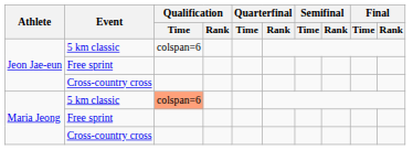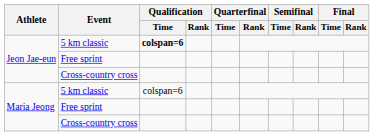 <table class="wikitable" style="font-size:90%">
 <tr>
 <th rowspan="2">Athlete</th>
 <th rowspan="2">Event</th>
 <th colspan="2">Qualification</th>
 <th colspan="2">Quarterfinal</th>
 <th colspan="2">Semifinal</th>
 <th colspan="2">Final</th>
 </tr>
 <tr style="font-size:95%">
 <th>Time</th>
 <th>Rank</th>
 <th>Time</th>
 <th>Rank</th>
 <th>Time</th>
 <th>Rank</th>
 <th>Time</th>
 <th>Rank</th>
 </tr>
 <tr align=center>
 <td align=left rowspan=3><a href='#'>Jeon Jae-eun</a></td>
 <td align=left><a href='#'>5 km classic</a></td>
-<td>colspan=6 </td>
+<td><strong>colspan=6 </strong></td>
 <td></td>
 <td></td>
 </tr>
 <tr align=center>
 <td align=left><a href='#'>Free sprint</a></td>
 <td></td>
 <td></td>
 <td></td>
 <td></td>
 <td></td>
 <td></td>
 <td></td>
 <td></td>
 </tr>
 <tr align=center>
 <td align=left><a href='#'>Cross-country cross</a></td>
 <td></td>
 <td></td>
 <td></td>
 <td></td>
 <td></td>
 <td></td>
 <td></td>
 <td></td>
 </tr>
 <tr align=center>
 <td align=left rowspan=3><a href='#'>Maria Jeong</a></td>
 <td align=left><a href='#'>5 km classic</a></td>
-<td style="background: lightsalmon;">colspan=6 </td>
+<td>colspan=6 </td>
 <td></td>
 <td></td>
 </tr>
 <tr align=center>
 <td align=left><a href='#'>Free sprint</a></td>
 <td></td>
 <td></td>
 <td></td>
 <td></td>
 <td></td>
 <td></td>
 <td></td>
 <td></td>
 </tr>
 <tr align=center>
 <td align=left><a href='#'>Cross-country cross</a></td>
 <td></td>
 <td></td>
 <td></td>
 <td></td>
 <td></td>
 <td></td>
 <td></td>
 <td></td>
 </tr>
 </table>
